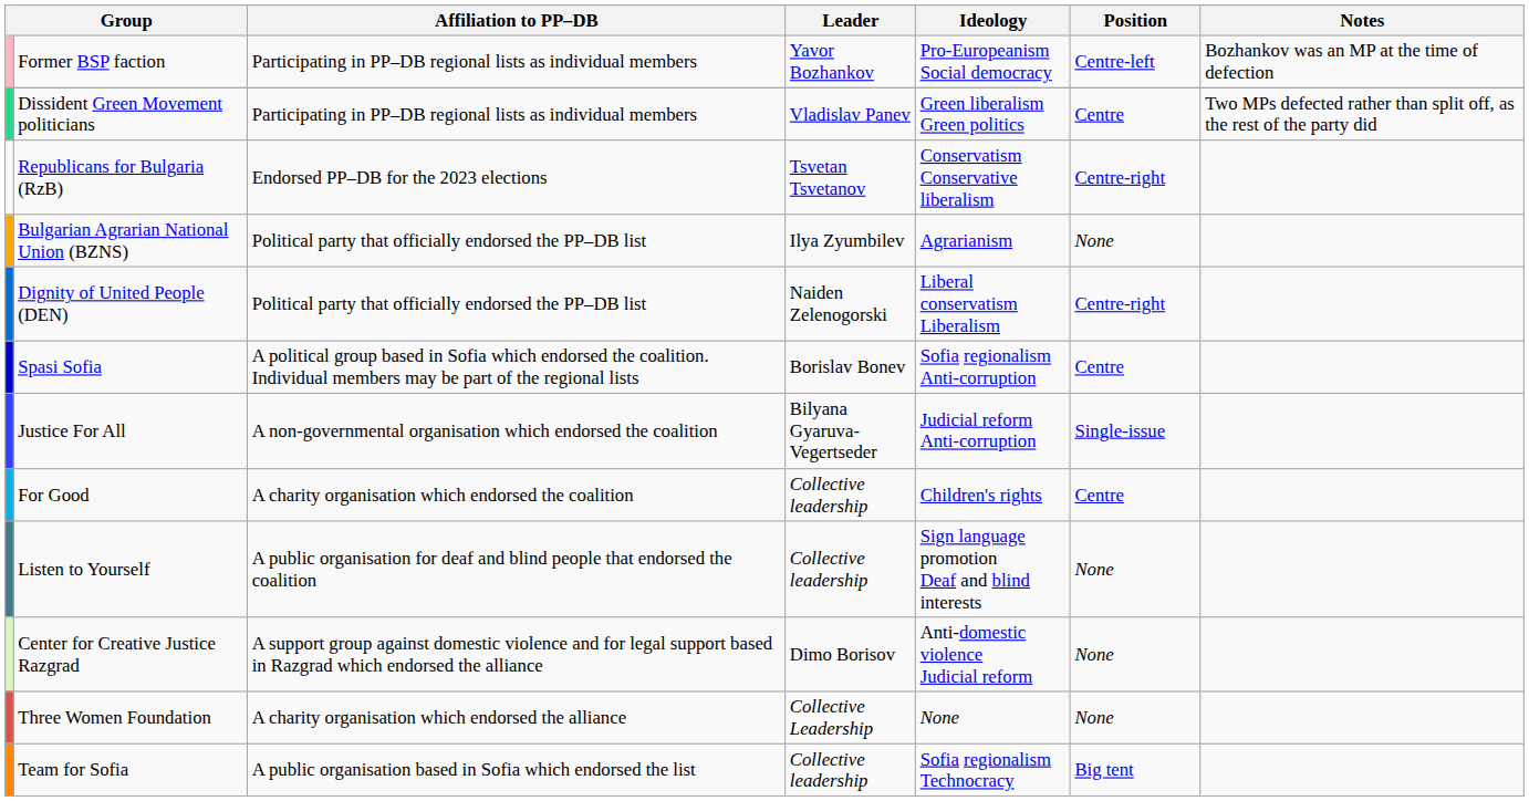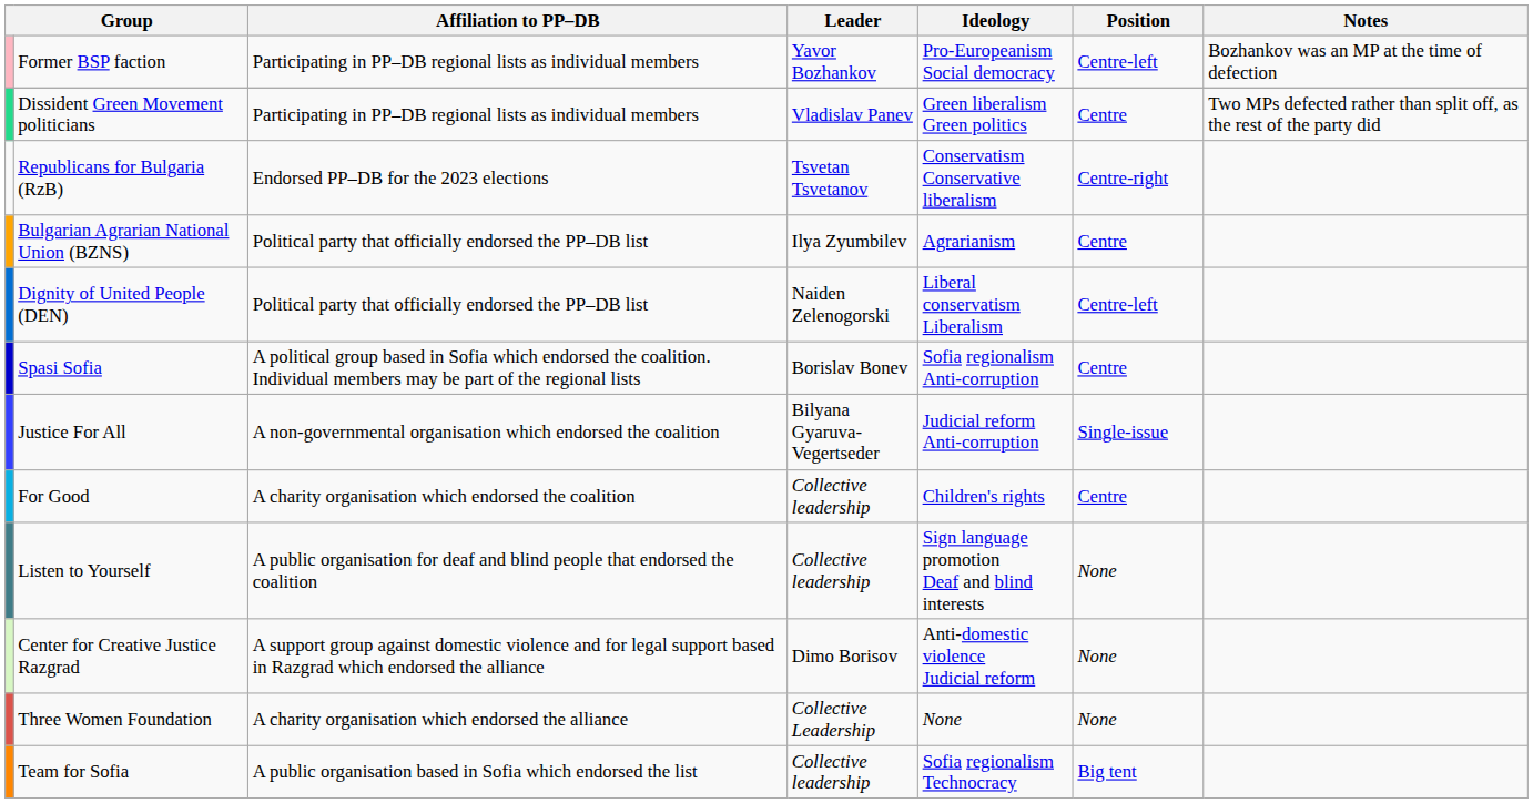 <table class="wikitable mw-collapsible mw-collapsed" style="font-size:95%">
 <tr>
 <th style="width:200px" colspan="2">Group</th>
 <th>Affiliation to PP–DB</th>
 <th style="width:100px">Leader</th>
 <th style="width:120px">Ideology</th>
 <th style="width:100px">Position</th>
 <th>Notes</th>
 </tr>
 <tr>
 <td style="background:#FFB6C1"></td>
 <td>Former <a href='#'>BSP</a> faction</td>
 <td>Participating in PP–DB regional lists as individual members</td>
 <td><a href='#'>Yavor Bozhankov</a></td>
 <td><a href='#'>Pro-Europeanism</a><br><a href='#'>Social democracy</a></td>
 <td><a href='#'>Centre-left</a></td>
 <td>Bozhankov was an MP at the time of defection</td>
 </tr>
 <tr>
 </tr>
 <tr>
 <td style="background:#21db8b"></td>
 <td>Dissident <a href='#'>Green Movement</a> politicians</td>
 <td>Participating in PP–DB regional lists as individual members</td>
 <td><a href='#'>Vladislav Panev</a></td>
 <td><a href='#'>Green liberalism</a><br><a href='#'>Green politics</a></td>
 <td><a href='#'>Centre</a></td>
 <td>Two MPs defected rather than split off, as the rest of the party did</td>
 </tr>
 <tr>
 <td style="background:"></td>
 <td><a href='#'>Republicans for Bulgaria</a> (RzB)</td>
 <td>Endorsed PP–DB for the 2023 elections</td>
 <td><a href='#'>Tsvetan Tsvetanov</a></td>
 <td><a href='#'>Conservatism</a><br><a href='#'>Conservative liberalism</a></td>
 <td><a href='#'>Centre-right</a></td>
 <td></td>
 </tr>
 <tr>
 <td style="background:#FFA500"></td>
 <td><a href='#'>Bulgarian Agrarian National Union</a> (BZNS)</td>
 <td>Political party that officially endorsed the PP–DB list</td>
 <td>Ilya Zyumbilev</td>
 <td><a href='#'>Agrarianism</a></td>
-<td><em>None</em></td>
+<td><a href='#'>Centre</a></td>
 <td></td>
 </tr>
 <tr>
 <td style="background:#016ED3"></td>
 <td><a href='#'>Dignity of United People</a> (DEN)</td>
 <td>Political party that officially endorsed the PP–DB list</td>
 <td>Naiden Zelenogorski</td>
 <td><a href='#'>Liberal conservatism</a><br><a href='#'>Liberalism</a></td>
-<td><a href='#'>Centre-right</a></td>
+<td><a href='#'>Centre-left</a></td>
 <td></td>
 </tr>
 <tr>
 <td style="background:#0000CC"></td>
 <td><a href='#'>Spasi Sofia</a></td>
 <td>A political group based in Sofia which endorsed the coalition. Individual members may be part of the regional lists</td>
 <td>Borislav Bonev</td>
 <td><a href='#'>Sofia</a> <a href='#'>regionalism</a><br><a href='#'>Anti-corruption</a></td>
 <td><a href='#'>Centre</a></td>
 <td></td>
 </tr>
 <tr>
 <td style="background:#333FFF"></td>
 <td>Justice For All</td>
 <td>A non-governmental organisation which endorsed the coalition</td>
 <td>Bilyana Gyaruva-Vegertseder</td>
 <td><a href='#'>Judicial reform</a><br><a href='#'>Anti-corruption</a></td>
 <td><a href='#'>Single-issue</a></td>
 <td></td>
 </tr>
 <tr>
 <td style="background:#09b0e2"></td>
 <td>For Good</td>
 <td>A charity organisation which endorsed the coalition</td>
 <td><em>Collective leadership</em></td>
 <td><a href='#'>Children's rights</a></td>
 <td><a href='#'>Centre</a></td>
 <td></td>
 </tr>
 <tr>
 <td style="background:#3F7C87"></td>
 <td>Listen to Yourself</td>
 <td>A public organisation for deaf and blind people that endorsed the coalition</td>
 <td><em>Collective leadership</em></td>
 <td><a href='#'>Sign language</a> promotion<br><a href='#'>Deaf</a> and <a href='#'>blind</a> interests</td>
 <td><em>None</em></td>
 <td></td>
 </tr>
 <tr>
 <td style="background:#D7F7C3"></td>
 <td>Center for Creative Justice Razgrad</td>
 <td>A support group against domestic violence and for legal support based in Razgrad which endorsed the alliance</td>
 <td>Dimo Borisov</td>
 <td>Anti-<a href='#'>domestic violence</a><br><a href='#'>Judicial reform</a></td>
 <td><em>None</em></td>
 <td></td>
 </tr>
 <tr>
 <td style="background:#dc534b"></td>
 <td>Three Women Foundation</td>
 <td>A charity organisation which endorsed the alliance</td>
 <td><em>Collective Leadership</em></td>
 <td><em>None</em></td>
 <td><em>None</em></td>
 <td></td>
 </tr>
 <tr>
 <td style="background:#FF8600"></td>
 <td>Team for Sofia</td>
 <td>A public organisation based in Sofia which endorsed the list</td>
 <td><em>Collective leadership</em></td>
 <td><a href='#'>Sofia</a> <a href='#'>regionalism</a><br><a href='#'>Technocracy</a></td>
 <td><a href='#'>Big tent</a></td>
 <td></td>
 </tr>
 </table>
